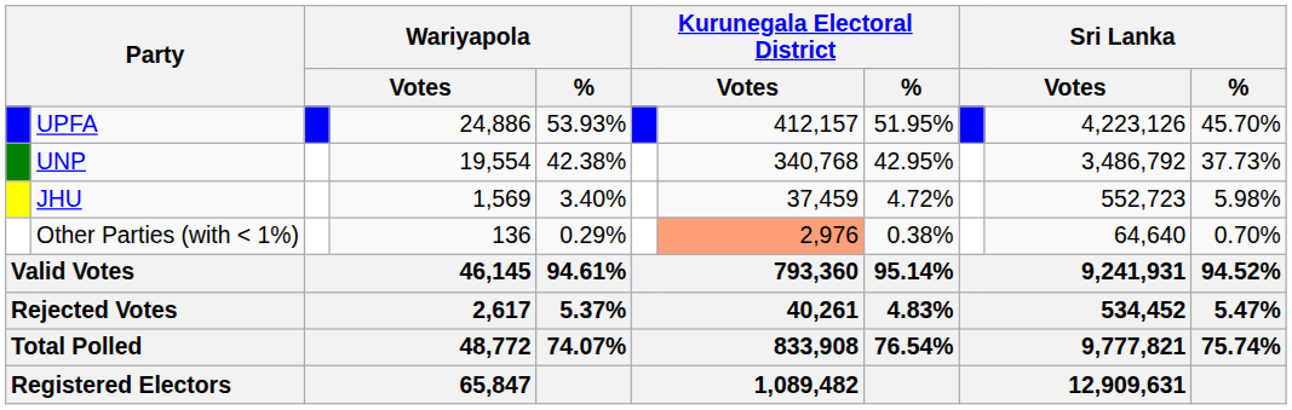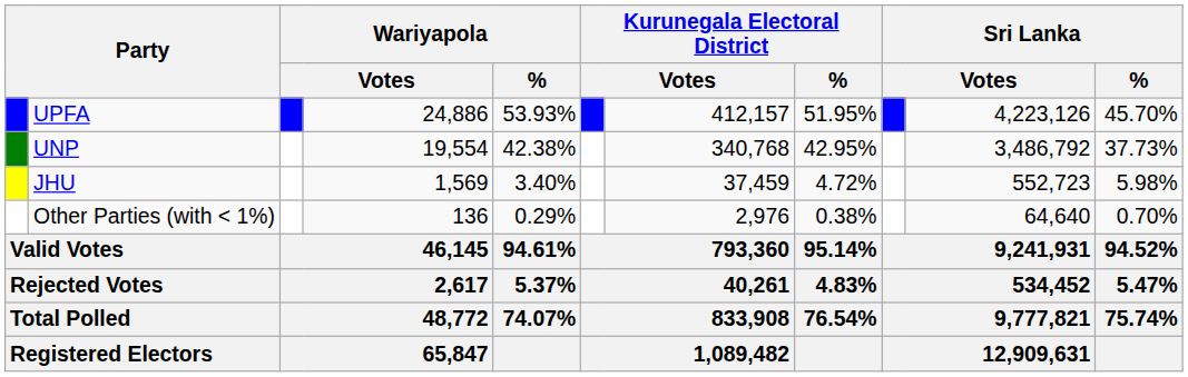 <table class="wikitable">
 <tr>
 <th colspan="2" width="144px"rowspan="2">Party</th>
 <th colspan="3" width="216px">Wariyapola</th>
 <th colspan="3" width="216px"><a href='#'>Kurunegala Electoral District</a></th>
 <th colspan="3" width="216px">Sri Lanka</th>
 </tr>
 <tr>
 <th colspan="2" width="144px">Votes</th>
 <th>%</th>
 <th colspan="2" width="144px">Votes</th>
 <th>%</th>
 <th colspan="2" width="144px">Votes</th>
 <th>%</th>
 </tr>
 <tr>
 <td style="background-color:blue;" width="10px"></td>
 <td style="text-align:left;"><a href='#'>UPFA</a></td>
 <td style="background-color:blue;" width="10px"></td>
 <td style="text-align:right;">24,886</td>
 <td style="text-align:right;">53.93%</td>
 <td style="background-color:blue;" width="10px"></td>
 <td style="text-align:right;">412,157</td>
 <td style="text-align:right;">51.95%</td>
 <td style="background-color:blue;" width="10px"></td>
 <td style="text-align:right;">4,223,126</td>
 <td style="text-align:right;">45.70%</td>
 </tr>
 <tr>
 <td style="background-color:green;" width="10px"></td>
 <td style="text-align:left;"><a href='#'>UNP</a></td>
 <td style="background-color:white;" width="10px"></td>
 <td style="text-align:right;">19,554</td>
 <td style="text-align:right;">42.38%</td>
 <td style="background-color:white;" width="10px"></td>
 <td style="text-align:right;">340,768</td>
 <td style="text-align:right;">42.95%</td>
 <td style="background-color:white;" width="10px"></td>
 <td style="text-align:right;">3,486,792</td>
 <td style="text-align:right;">37.73%</td>
 </tr>
 <tr>
 <td style="background-color:yellow;" width="10px"></td>
 <td style="text-align:left;"><a href='#'>JHU</a></td>
 <td style="background-color:white;" width="10px"></td>
 <td style="text-align:right;">1,569</td>
 <td style="text-align:right;">3.40%</td>
 <td style="background-color:white;" width="10px"></td>
 <td style="text-align:right;">37,459</td>
 <td style="text-align:right;">4.72%</td>
 <td style="background-color:white;" width="10px"></td>
 <td style="text-align:right;">552,723</td>
 <td style="text-align:right;">5.98%</td>
 </tr>
 <tr>
 <td style="background-color:white;" width="10px"></td>
 <td style="text-align:left;">Other Parties (with < 1%)</td>
 <td style="background-color:white;" width="10px"></td>
 <td style="text-align:right;">136</td>
 <td style="text-align:right;">0.29%</td>
 <td style="background-color:white;" width="10px"></td>
-<td style="background: lightsalmon; text-align:right;">2,976</td>
+<td style="text-align:right;">2,976</td>
 <td style="text-align:right;">0.38%</td>
 <td style="background-color:white;" width="10px"></td>
 <td style="text-align:right;">64,640</td>
 <td style="text-align:right;">0.70%</td>
 </tr>
 <tr>
 <th colspan="2" width="144px"style="text-align:left;">Valid Votes</th>
 <th style="text-align:right;"colspan="2" width="144px">46,145</th>
 <th style="text-align:right;">94.61%</th>
 <th style="text-align:right;"colspan="2" width="144px">793,360</th>
 <th style="text-align:right;">95.14%</th>
 <th style="text-align:right;"colspan="2" width="144px">9,241,931</th>
 <th style="text-align:right;">94.52%</th>
 </tr>
 <tr>
 <th colspan="2" width="144px"style="text-align:left;">Rejected Votes</th>
 <th style="text-align:right;"colspan="2" width="144px">2,617</th>
 <th style="text-align:right;">5.37%</th>
 <th style="text-align:right;"colspan="2" width="144px">40,261</th>
 <th style="text-align:right;">4.83%</th>
 <th style="text-align:right;"colspan="2" width="144px">534,452</th>
 <th style="text-align:right;">5.47%</th>
 </tr>
 <tr>
 <th colspan="2" width="144px"style="text-align:left;">Total Polled</th>
 <th style="text-align:right;"colspan="2" width="144px">48,772</th>
 <th style="text-align:right;">74.07%</th>
 <th style="text-align:right;"colspan="2" width="144px">833,908</th>
 <th style="text-align:right;">76.54%</th>
 <th style="text-align:right;"colspan="2" width="144px">9,777,821</th>
 <th style="text-align:right;">75.74%</th>
 </tr>
 <tr>
 <th colspan="2" width="144px"style="text-align:left;">Registered Electors</th>
 <th style="text-align:right;"colspan="2" width="144px">65,847</th>
 <th></th>
 <th style="text-align:right;"colspan="2" width="144px">1,089,482</th>
 <th></th>
 <th style="text-align:right;"colspan="2" width="144px">12,909,631</th>
 <th></th>
 </tr>
 </table>
